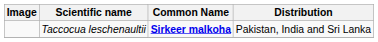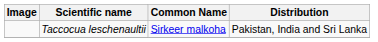 <table class="wikitable">
 <tr>
 <th>Image</th>
 <th>Scientific name</th>
 <th>Common Name</th>
 <th>Distribution</th>
 </tr>
 <tr>
 <td></td>
 <td><em>Taccocua leschenaultii</em></td>
-<td><strong><a href='#'>Sirkeer malkoha</a></strong></td>
+<td><a href='#'>Sirkeer malkoha</a></td>
 <td>Pakistan, India and Sri Lanka</td>
 </tr>
 <tr>
 </tr>
 </table>
